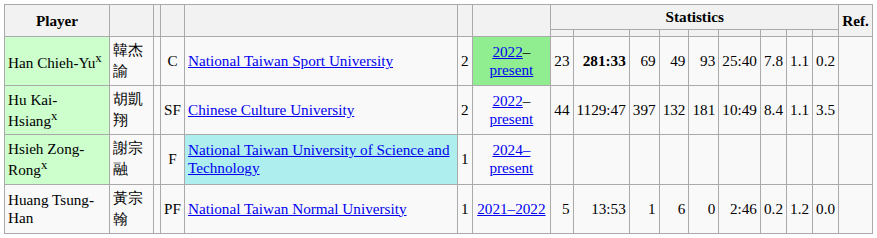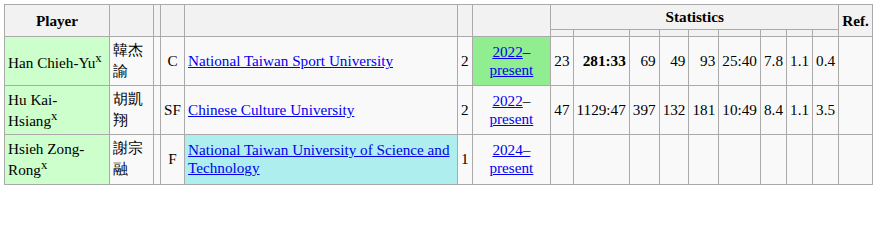 <table class="wikitable sortable" style="font-size:95%; text-align:right;">
 <tr>
 <th rowspan="2">Player</th>
 <th rowspan="2"></th>
 <th rowspan="2"></th>
 <th rowspan="2"></th>
 <th rowspan="2"></th>
 <th rowspan="2"></th>
 <th rowspan="2"></th>
 <th colspan="9">Statistics</th>
 <th rowspan="2">Ref.</th>
 </tr>
 <tr>
 <th></th>
 <th></th>
 <th></th>
 <th></th>
 <th></th>
 <th></th>
 <th></th>
 <th></th>
 <th></th>
 </tr>
 <tr>
 <td align="left" bgcolor="#CCFFCC">Han Chieh-Yu<sup>x</sup></td>
 <td align="left">韓杰諭</td>
 <td align="center"></td>
 <td align="center">C</td>
 <td align="left"><a href='#'>National Taiwan Sport University</a></td>
 <td align="center">2</td>
 <td align="center" style="background: lightgreen;"><a href='#'>2022</a>–<a href='#'>present</a></td>
 <td>23</td>
 <td><strong>281:33</strong></td>
 <td>69</td>
 <td>49</td>
 <td>93</td>
 <td>25:40</td>
 <td>7.8</td>
 <td>1.1</td>
-<td>0.2</td>
+<td>0.4</td>
 <td align="center"></td>
 </tr>
 <tr>
 <td align="left" bgcolor="#CCFFCC">Hu Kai-Hsiang<sup>x</sup></td>
 <td align="left">胡凱翔</td>
 <td align="center"></td>
 <td align="center">SF</td>
 <td align="left"><a href='#'>Chinese Culture University</a></td>
 <td align="center">2</td>
 <td align="center"><a href='#'>2022</a>–<a href='#'>present</a></td>
-<td>44</td>
+<td>47</td>
 <td>1129:47</td>
 <td>397</td>
 <td>132</td>
 <td>181</td>
 <td>10:49</td>
 <td>8.4</td>
 <td>1.1</td>
 <td>3.5</td>
 <td align="center"></td>
 </tr>
 <tr>
 <td align="left" bgcolor="#CCFFCC">Hsieh Zong-Rong<sup>x</sup></td>
 <td align="left">謝宗融</td>
 <td align="center"></td>
 <td align="center">F</td>
 <td align="left" style="background: paleturquoise;"><a href='#'>National Taiwan University of Science and Technology</a></td>
 <td align="center">1</td>
 <td align="center"><a href='#'>2024–present</a></td>
 <td></td>
 <td></td>
 <td></td>
 <td></td>
 <td></td>
 <td></td>
 <td></td>
 <td></td>
 <td></td>
 <td align="center"></td>
 </tr>
 <tr>
-<td align="left">Huang Tsung-Han</td>
-<td align="left">黃宗翰</td>
-<td align="center"></td>
-<td align="center">PF</td>
-<td align="left"><a href='#'>National Taiwan Normal University</a></td>
-<td align="center">1</td>
-<td align="center"><a href='#'>2021–2022</a></td>
-<td>5</td>
-<td>13:53</td>
-<td>1</td>
-<td>6</td>
-<td>0</td>
-<td>2:46</td>
-<td>0.2</td>
-<td>1.2</td>
-<td>0.0</td>
-<td align="center"></td>
-</tr>
-<tr>
 </tr>
 </table>
